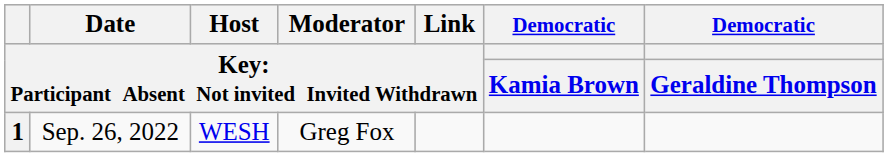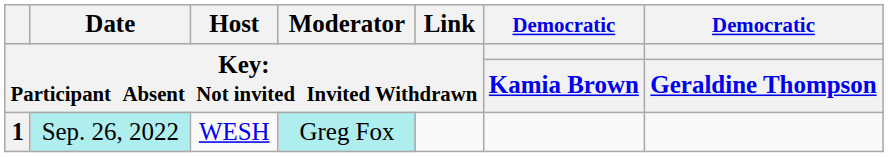 <table class="wikitable" style="text-align:center;">
 <tr>
 <th scope="col"></th>
 <th scope="col">Date</th>
 <th scope="col">Host</th>
 <th scope="col">Moderator</th>
 <th scope="col">Link</th>
 <th scope="col"><small><a href='#'>Democratic</a></small></th>
 <th scope="col"><small><a href='#'>Democratic</a></small></th>
 </tr>
 <tr>
 <th colspan="5" rowspan="2">Key:<br> <small>Participant </small>  <small>Absent </small>  <small>Not invited </small>  <small>Invited  Withdrawn</small></th>
 <th scope="col" style="background:"></th>
 <th scope="col" style="background:"></th>
 </tr>
 <tr>
 <th scope="col"><a href='#'>Kamia Brown</a></th>
 <th scope="col"><a href='#'>Geraldine Thompson</a></th>
 </tr>
 <tr>
 <th>1</th>
-<td style="white-space:nowrap;">Sep. 26, 2022</td>
+<td style="background: paleturquoise; white-space:nowrap;">Sep. 26, 2022</td>
 <td style="white-space:nowrap;"><a href='#'>WESH</a></td>
-<td style="white-space:nowrap;">Greg Fox</td>
+<td style="background: paleturquoise; white-space:nowrap;">Greg Fox</td>
 <td style="white-space:nowrap;"></td>
 <td></td>
 <td></td>
 </tr>
 </table>
